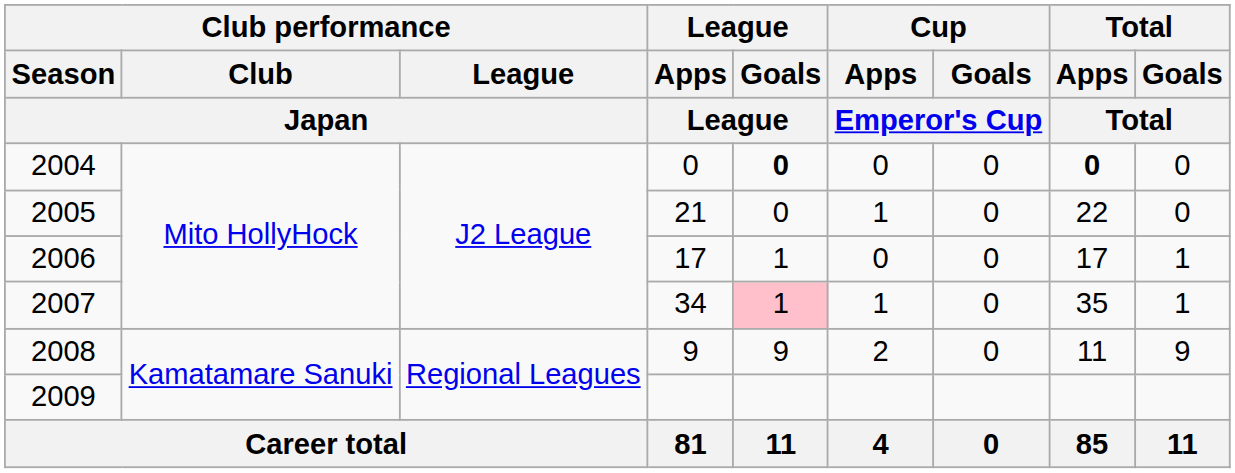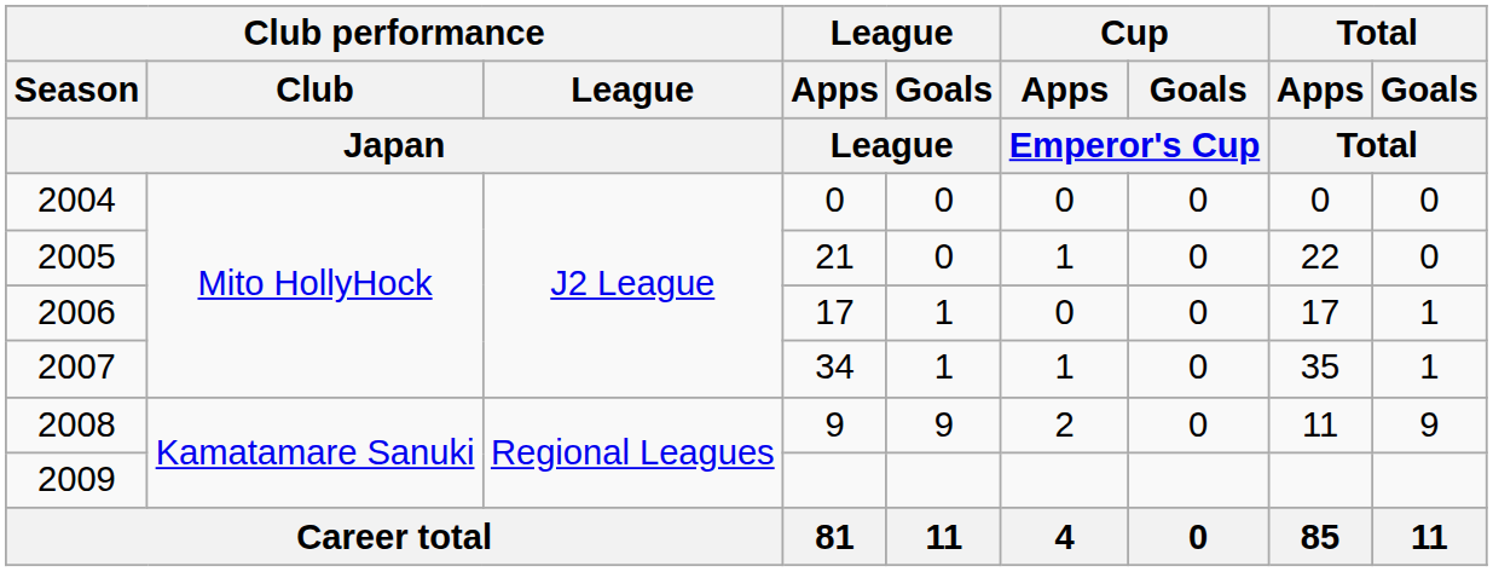 <table class="wikitable" style="text-align:center">
 <tr>
 <th colspan=3>Club performance</th>
 <th colspan=2>League</th>
 <th colspan=2>Cup</th>
 <th colspan=2>Total</th>
 </tr>
 <tr>
 <th>Season</th>
 <th>Club</th>
 <th>League</th>
 <th>Apps</th>
 <th>Goals</th>
 <th>Apps</th>
 <th>Goals</th>
 <th>Apps</th>
 <th>Goals</th>
 </tr>
 <tr>
 <th colspan=3>Japan</th>
 <th colspan=2>League</th>
 <th colspan=2><a href='#'>Emperor's Cup</a></th>
 <th colspan=2>Total</th>
 </tr>
 <tr>
 <td>2004</td>
 <td rowspan="4"><a href='#'>Mito HollyHock</a></td>
 <td rowspan="4"><a href='#'>J2 League</a></td>
 <td>0</td>
-<td><strong>0</strong></td>
 <td>0</td>
 <td>0</td>
-<td><strong>0</strong></td>
+<td>0</td>
+<td>0</td>
 <td>0</td>
 </tr>
 <tr>
 <td>2005</td>
 <td>21</td>
 <td>0</td>
 <td>1</td>
 <td>0</td>
 <td>22</td>
 <td>0</td>
 </tr>
 <tr>
 <td>2006</td>
 <td>17</td>
 <td>1</td>
 <td>0</td>
 <td>0</td>
 <td>17</td>
 <td>1</td>
 </tr>
 <tr>
 <td>2007</td>
 <td>34</td>
-<td style="background: pink;">1</td>
+<td>1</td>
 <td>1</td>
 <td>0</td>
 <td>35</td>
 <td>1</td>
 </tr>
 <tr>
 <td>2008</td>
 <td rowspan="2"><a href='#'>Kamatamare Sanuki</a></td>
 <td rowspan="2"><a href='#'>Regional Leagues</a></td>
 <td>9</td>
 <td>9</td>
 <td>2</td>
 <td>0</td>
 <td>11</td>
 <td>9</td>
 </tr>
 <tr>
 <td>2009</td>
 <td></td>
 <td></td>
 <td></td>
 <td></td>
 <td></td>
 <td></td>
 </tr>
 <tr>
 <th colspan=3>Career total</th>
 <th>81</th>
 <th>11</th>
 <th>4</th>
 <th>0</th>
 <th>85</th>
 <th>11</th>
 </tr>
 </table>
